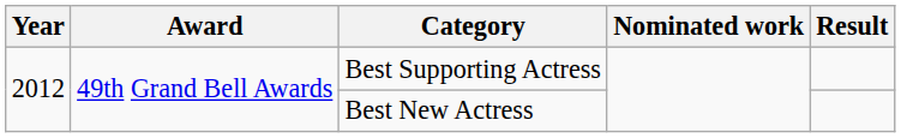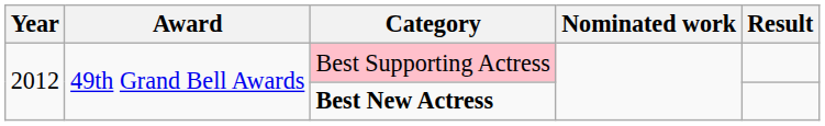 <table class="wikitable">
 <tr>
 <th width=10>Year</th>
 <th>Award</th>
 <th>Category</th>
 <th>Nominated work</th>
 <th>Result</th>
 </tr>
 <tr>
 <td rowspan=2>2012</td>
 <td rowspan=2><a href='#'>49th</a> <a href='#'>Grand Bell Awards</a></td>
-<td>Best Supporting Actress</td>
+<td style="background: pink;">Best Supporting Actress</td>
 <td rowspan=2></td>
 <td></td>
 </tr>
 <tr>
-<td>Best New Actress</td>
+<td><strong>Best New Actress</strong></td>
 <td></td>
 </tr>
 </table>
